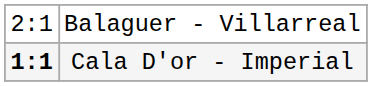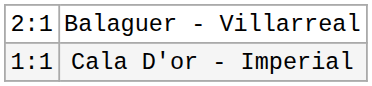 <table class="wikitable">
 <tr align=center bgcolor=white>
 <td>2:1</td>
 <td>Balaguer - Villarreal</td>
 </tr>
 <tr align=center bgcolor=#F5F5F5>
-<td><strong>1:1</strong></td>
+<td>1:1</td>
 <td>Cala D'or - Imperial</td>
 </tr>
 </table>
